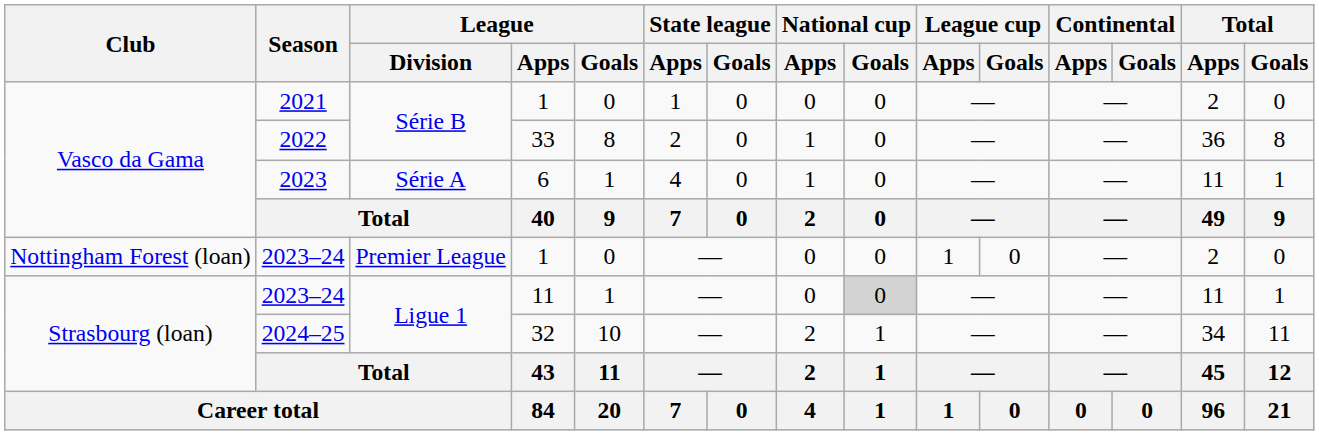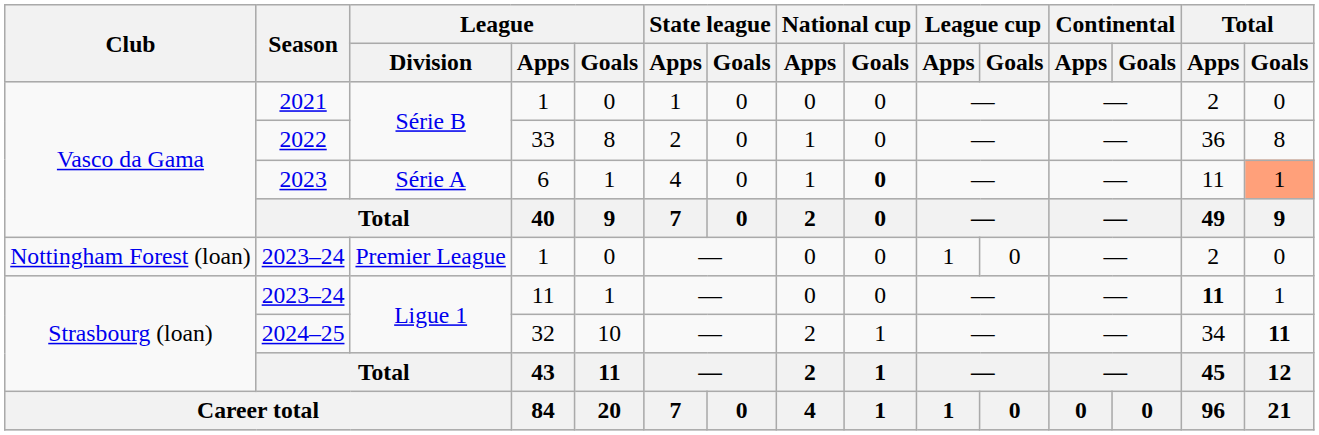 <table class="wikitable" style="text-align: center; font-size:96%">
 <tr>
 <th rowspan="2">Club</th>
 <th rowspan="2">Season</th>
 <th colspan="3">League</th>
 <th colspan="2">State league</th>
 <th colspan="2">National cup</th>
 <th colspan="2">League cup</th>
 <th colspan="2">Continental</th>
 <th colspan="2">Total</th>
 </tr>
 <tr>
 <th>Division</th>
 <th>Apps</th>
 <th>Goals</th>
 <th>Apps</th>
 <th>Goals</th>
 <th>Apps</th>
 <th>Goals</th>
 <th>Apps</th>
 <th>Goals</th>
 <th>Apps</th>
 <th>Goals</th>
 <th>Apps</th>
 <th>Goals</th>
 </tr>
 <tr>
 <td rowspan="4"><a href='#'>Vasco da Gama</a></td>
 <td><a href='#'>2021</a></td>
 <td rowspan="2"><a href='#'>Série B</a></td>
 <td>1</td>
 <td>0</td>
 <td>1</td>
 <td>0</td>
 <td>0</td>
 <td>0</td>
 <td colspan="2">—</td>
 <td colspan="2">—</td>
 <td>2</td>
 <td>0</td>
 </tr>
 <tr>
 <td><a href='#'>2022</a></td>
 <td>33</td>
 <td>8</td>
 <td>2</td>
 <td>0</td>
 <td>1</td>
 <td>0</td>
 <td colspan="2">—</td>
 <td colspan="2">—</td>
 <td>36</td>
 <td>8</td>
 </tr>
 <tr>
 <td><a href='#'>2023</a></td>
 <td><a href='#'>Série A</a></td>
 <td>6</td>
 <td>1</td>
 <td>4</td>
 <td>0</td>
 <td>1</td>
-<td>0</td>
+<td><strong>0</strong></td>
 <td colspan="2">—</td>
 <td colspan="2">—</td>
 <td>11</td>
-<td>1</td>
+<td style="background: lightsalmon;">1</td>
 </tr>
 <tr>
 <th colspan="2">Total</th>
 <th>40</th>
 <th>9</th>
 <th>7</th>
 <th>0</th>
 <th>2</th>
 <th>0</th>
 <th colspan="2">—</th>
 <th colspan="2">—</th>
 <th>49</th>
 <th>9</th>
 </tr>
 <tr>
 <td><a href='#'>Nottingham Forest</a> (loan)</td>
 <td><a href='#'>2023–24</a></td>
 <td><a href='#'>Premier League</a></td>
 <td>1</td>
 <td>0</td>
 <td colspan="2">—</td>
 <td>0</td>
 <td>0</td>
 <td>1</td>
 <td>0</td>
 <td colspan="2">—</td>
 <td>2</td>
 <td>0</td>
 </tr>
 <tr>
 <td rowspan="3"><a href='#'>Strasbourg</a> (loan)</td>
 <td><a href='#'>2023–24</a></td>
 <td rowspan="2"><a href='#'>Ligue 1</a></td>
 <td>11</td>
 <td>1</td>
 <td colspan="2">—</td>
 <td>0</td>
-<td style="background: lightgrey;">0</td>
+<td>0</td>
 <td colspan="2">—</td>
 <td colspan="2">—</td>
-<td>11</td>
+<td><strong>11</strong></td>
 <td>1</td>
 </tr>
 <tr>
 <td><a href='#'>2024–25</a></td>
 <td>32</td>
 <td>10</td>
 <td colspan="2">—</td>
 <td>2</td>
 <td>1</td>
 <td colspan="2">—</td>
 <td colspan="2">—</td>
 <td>34</td>
-<td>11</td>
+<td><strong>11</strong></td>
 </tr>
 <tr>
 <th colspan="2">Total</th>
 <th>43</th>
 <th>11</th>
 <th colspan="2">—</th>
 <th>2</th>
 <th>1</th>
 <th colspan="2">—</th>
 <th colspan="2">—</th>
 <th>45</th>
 <th>12</th>
 </tr>
 <tr>
 <th colspan="3">Career total</th>
 <th>84</th>
 <th>20</th>
 <th>7</th>
 <th>0</th>
 <th>4</th>
 <th>1</th>
 <th>1</th>
 <th>0</th>
 <th>0</th>
 <th>0</th>
 <th>96</th>
 <th>21</th>
 </tr>
 </table>
